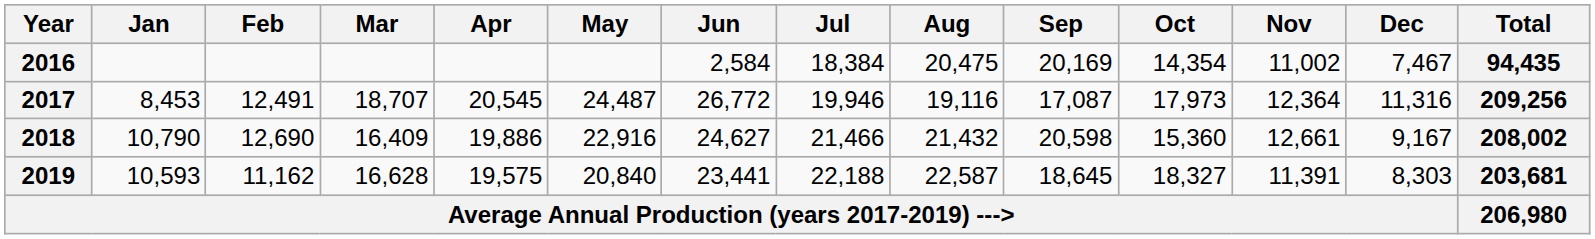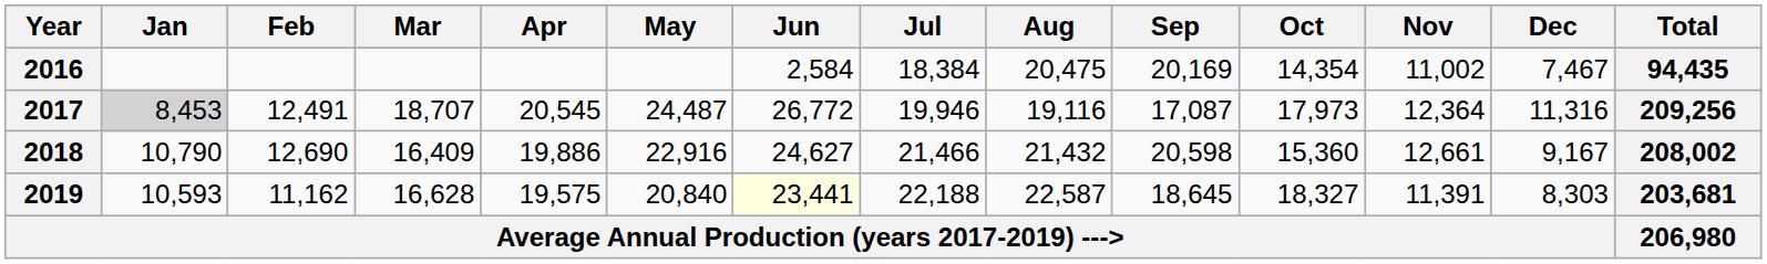 <table class=wikitable style="text-align:right; font-size:0.9em; width:950px;">
 <tr>
 <th>Year</th>
 <th>Jan</th>
 <th>Feb</th>
 <th>Mar</th>
 <th>Apr</th>
 <th>May</th>
 <th>Jun</th>
 <th>Jul</th>
 <th>Aug</th>
 <th>Sep</th>
 <th>Oct</th>
 <th>Nov</th>
 <th>Dec</th>
 <th>Total</th>
 </tr>
 <tr>
 <th>2016</th>
 <td></td>
 <td></td>
 <td></td>
 <td></td>
 <td></td>
 <td>2,584</td>
 <td>18,384</td>
 <td>20,475</td>
 <td>20,169</td>
 <td>14,354</td>
 <td>11,002</td>
 <td>7,467</td>
 <th>94,435</th>
 </tr>
 <tr>
 <th>2017</th>
-<td>8,453</td>
+<td style="background: lightgrey;">8,453</td>
 <td>12,491</td>
 <td>18,707</td>
 <td>20,545</td>
 <td>24,487</td>
 <td>26,772</td>
 <td>19,946</td>
 <td>19,116</td>
 <td>17,087</td>
 <td>17,973</td>
 <td>12,364</td>
 <td>11,316</td>
 <th>209,256</th>
 </tr>
 <tr>
 <th>2018</th>
 <td>10,790</td>
 <td>12,690</td>
 <td>16,409</td>
 <td>19,886</td>
 <td>22,916</td>
 <td>24,627</td>
 <td>21,466</td>
 <td>21,432</td>
 <td>20,598</td>
 <td>15,360</td>
 <td>12,661</td>
 <td>9,167</td>
 <th>208,002</th>
 </tr>
 <tr>
 <th>2019</th>
 <td>10,593</td>
 <td>11,162</td>
 <td>16,628</td>
 <td>19,575</td>
 <td>20,840</td>
-<td>23,441</td>
+<td style="background: lightyellow;">23,441</td>
 <td>22,188</td>
 <td>22,587</td>
 <td>18,645</td>
 <td>18,327</td>
 <td>11,391</td>
 <td>8,303</td>
 <th>203,681</th>
 </tr>
 <tr>
 <th colspan=13>Average Annual Production (years 2017-2019) ---></th>
 <th>206,980</th>
 </tr>
 </table>
